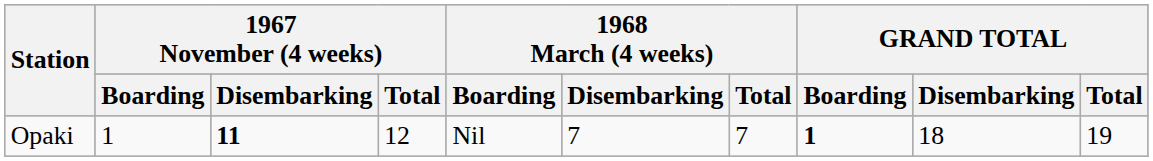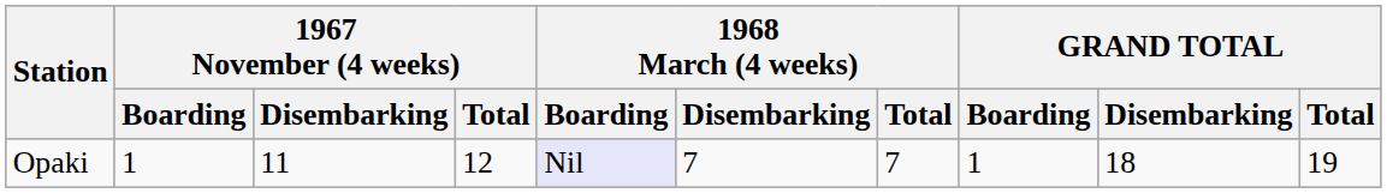 <table class="wikitable">
 <tr>
 <th rowspan=2>Station</th>
 <th align=center colspan=3>1967<br>November (4 weeks)</th>
 <th align=center colspan=3>1968<br>March (4 weeks)</th>
 <th align=center colspan=3>GRAND TOTAL</th>
 </tr>
 <tr>
 <th>Boarding</th>
 <th>Disembarking</th>
 <th>Total</th>
 <th>Boarding</th>
 <th>Disembarking</th>
 <th>Total</th>
 <th>Boarding</th>
 <th>Disembarking</th>
 <th>Total</th>
 </tr>
 <tr>
 <td>Opaki</td>
 <td>1</td>
-<td><strong>11</strong></td>
+<td>11</td>
 <td>12</td>
-<td>Nil</td>
+<td style="background: lavender;">Nil</td>
 <td>7</td>
 <td>7</td>
-<td><strong>1</strong></td>
+<td>1</td>
 <td>18</td>
 <td>19</td>
 </tr>
 </table>
